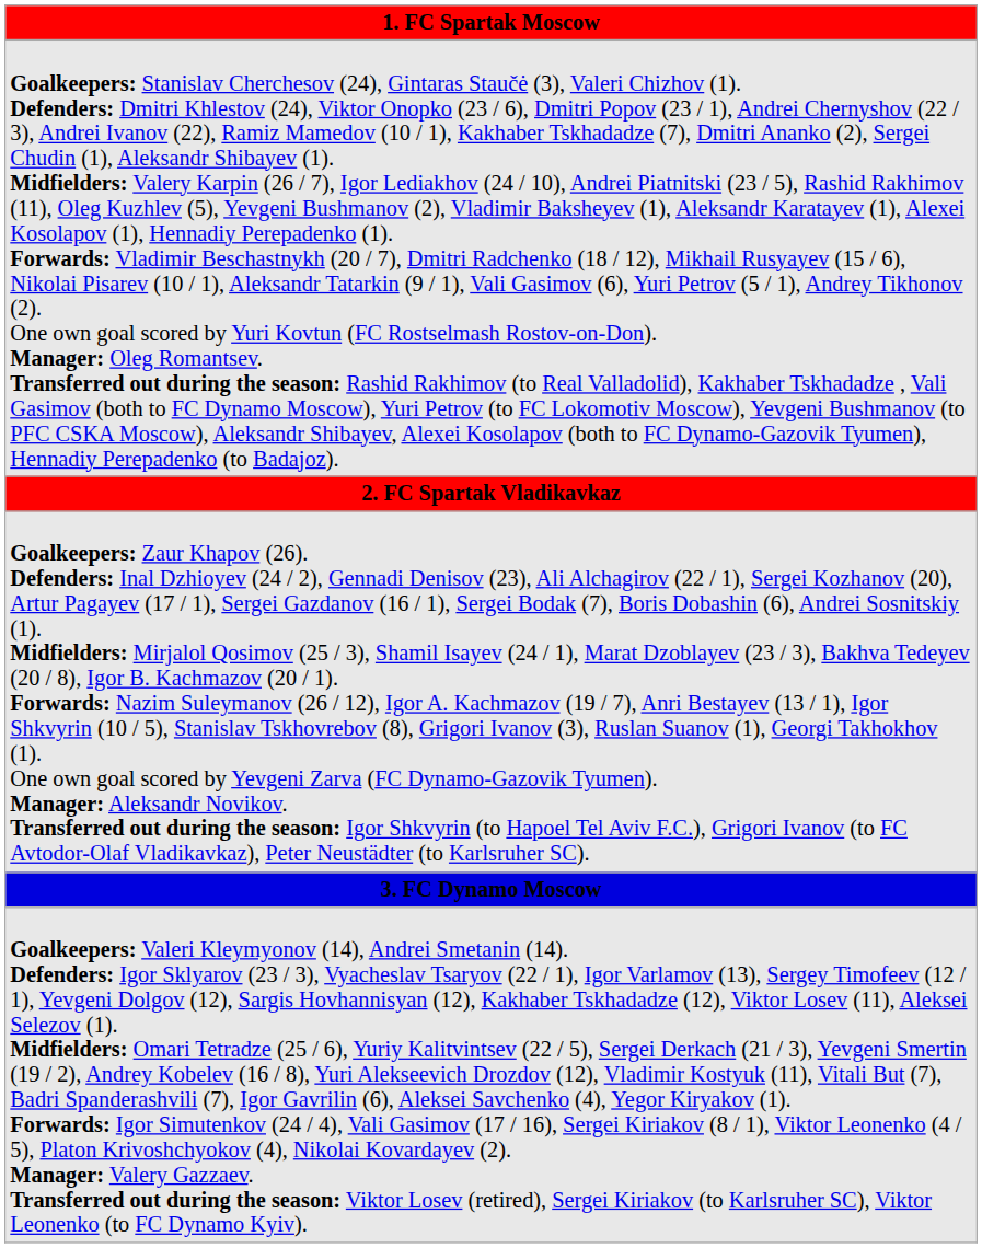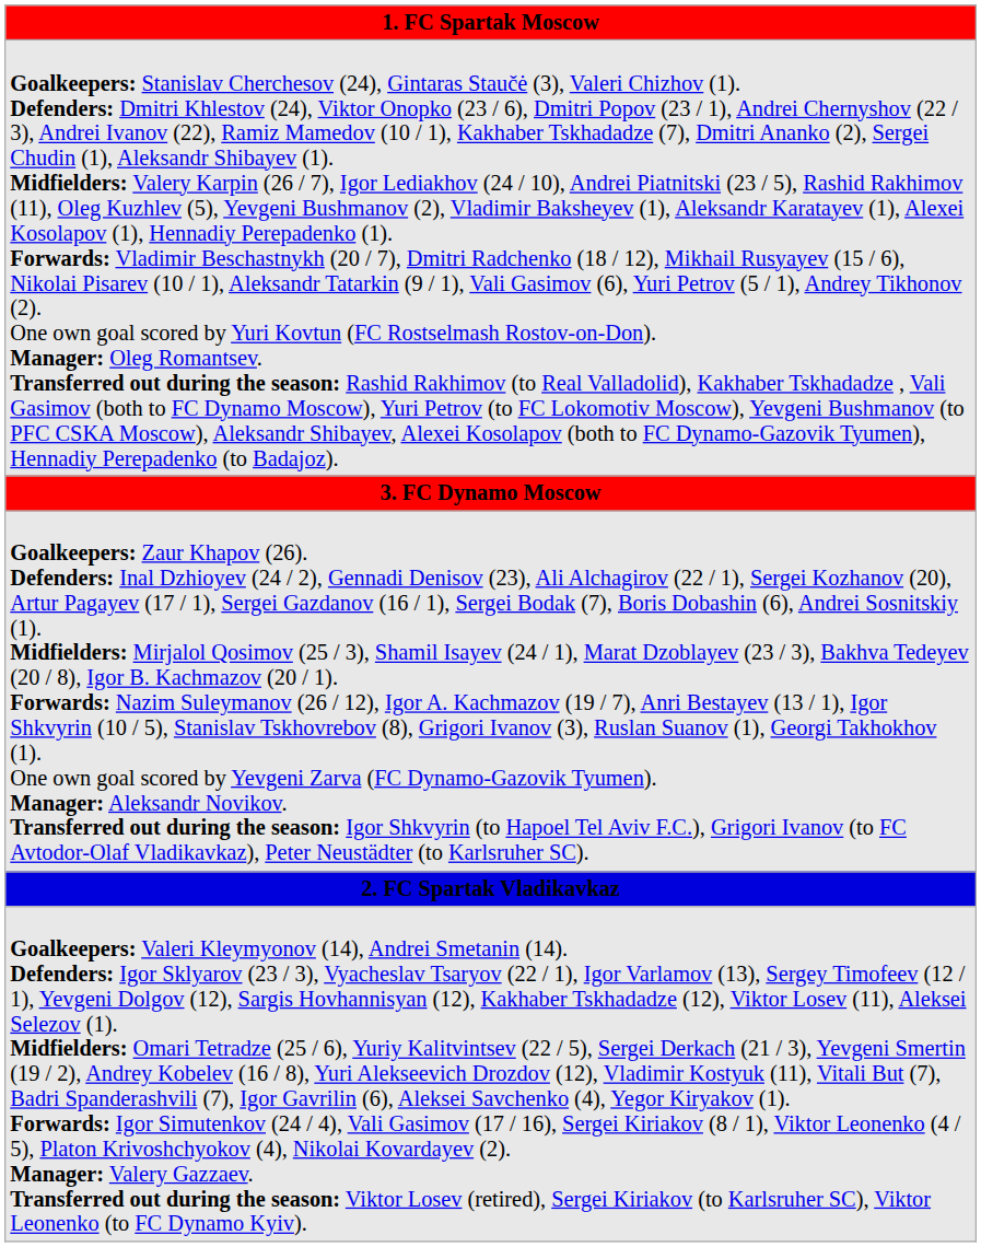 <table class="wikitable" Width="700">
 <tr bgcolor="#FF0000">
 <td align="center" width="700"><span> <strong>1. FC Spartak Moscow</strong> </span></td>
 </tr>
 <tr bgcolor="#E8E8E8">
 <td align="left" width="700"><br><strong>Goalkeepers:</strong> <a href='#'>Stanislav Cherchesov</a> (24), <a href='#'>Gintaras Staučė</a>  (3), <a href='#'>Valeri Chizhov</a> (1).<br> <strong>Defenders:</strong> <a href='#'>Dmitri Khlestov</a> (24), <a href='#'>Viktor Onopko</a> (23 / 6), <a href='#'>Dmitri Popov</a> (23 / 1), <a href='#'>Andrei Chernyshov</a> (22 / 3), <a href='#'>Andrei Ivanov</a> (22), <a href='#'>Ramiz Mamedov</a> (10 / 1), <a href='#'>Kakhaber Tskhadadze</a>  (7), <a href='#'>Dmitri Ananko</a> (2), <a href='#'>Sergei Chudin</a> (1), <a href='#'>Aleksandr Shibayev</a> (1).<br> <strong>Midfielders:</strong> <a href='#'>Valery Karpin</a> (26 / 7), <a href='#'>Igor Lediakhov</a> (24 / 10), <a href='#'>Andrei Piatnitski</a> (23 / 5), <a href='#'>Rashid Rakhimov</a>  (11), <a href='#'>Oleg Kuzhlev</a> (5), <a href='#'>Yevgeni Bushmanov</a> (2), <a href='#'>Vladimir Baksheyev</a> (1), <a href='#'>Aleksandr Karatayev</a> (1), <a href='#'>Alexei Kosolapov</a> (1), <a href='#'>Hennadiy Perepadenko</a>  (1).<br> <strong>Forwards:</strong> <a href='#'>Vladimir Beschastnykh</a> (20 / 7), <a href='#'>Dmitri Radchenko</a> (18 / 12), <a href='#'>Mikhail Rusyayev</a> (15 / 6), <a href='#'>Nikolai Pisarev</a> (10 / 1), <a href='#'>Aleksandr Tatarkin</a> (9 / 1), <a href='#'>Vali Gasimov</a>  (6), <a href='#'>Yuri Petrov</a> (5 / 1), <a href='#'>Andrey Tikhonov</a> (2).<br>One own goal scored by <a href='#'>Yuri Kovtun</a> (<a href='#'>FC Rostselmash Rostov-on-Don</a>).<br><strong>Manager:</strong> <a href='#'>Oleg Romantsev</a>.<br><strong>Transferred out during the season:</strong> <a href='#'>Rashid Rakhimov</a>  (to  <a href='#'>Real Valladolid</a>), <a href='#'>Kakhaber Tskhadadze</a> , <a href='#'>Vali Gasimov</a>  (both to <a href='#'>FC Dynamo Moscow</a>), <a href='#'>Yuri Petrov</a> (to <a href='#'>FC Lokomotiv Moscow</a>), <a href='#'>Yevgeni Bushmanov</a> (to <a href='#'>PFC CSKA Moscow</a>), <a href='#'>Aleksandr Shibayev</a>, <a href='#'>Alexei Kosolapov</a> (both to <a href='#'>FC Dynamo-Gazovik Tyumen</a>), <a href='#'>Hennadiy Perepadenko</a>  (to  <a href='#'>Badajoz</a>).</td>
 </tr>
 <tr bgcolor="#FF0000">
-<td align="center" width="700"><span> <strong>2. FC Spartak Vladikavkaz</strong> </span></td>
+<td align="center" width="700"><span> <strong>3. FC Dynamo Moscow</strong> </span></td>
 </tr>
 <tr bgcolor="#E8E8E8">
 <td align="left" width="700"><br><strong>Goalkeepers:</strong> <a href='#'>Zaur Khapov</a> (26).<br> <strong>Defenders:</strong> <a href='#'>Inal Dzhioyev</a> (24 / 2), <a href='#'>Gennadi Denisov</a>  (23), <a href='#'>Ali Alchagirov</a> (22 / 1), <a href='#'>Sergei Kozhanov</a> (20), <a href='#'>Artur Pagayev</a> (17 / 1), <a href='#'>Sergei Gazdanov</a> (16 / 1), <a href='#'>Sergei Bodak</a> (7), <a href='#'>Boris Dobashin</a> (6), <a href='#'>Andrei Sosnitskiy</a>  (1).<br> <strong>Midfielders:</strong> <a href='#'>Mirjalol Qosimov</a>  (25 / 3), <a href='#'>Shamil Isayev</a> (24 / 1), <a href='#'>Marat Dzoblayev</a> (23 / 3), <a href='#'>Bakhva Tedeyev</a> (20 / 8), <a href='#'>Igor B. Kachmazov</a> (20 / 1).<br> <strong>Forwards:</strong> <a href='#'>Nazim Suleymanov</a>  (26 / 12), <a href='#'>Igor A. Kachmazov</a> (19 / 7), <a href='#'>Anri Bestayev</a> (13 / 1), <a href='#'>Igor Shkvyrin</a>  (10 / 5), <a href='#'>Stanislav Tskhovrebov</a> (8), <a href='#'>Grigori Ivanov</a> (3), <a href='#'>Ruslan Suanov</a> (1), <a href='#'>Georgi Takhokhov</a>  (1).<br>One own goal scored by <a href='#'>Yevgeni Zarva</a> (<a href='#'>FC Dynamo-Gazovik Tyumen</a>).<br><strong>Manager:</strong> <a href='#'>Aleksandr Novikov</a>.<br><strong>Transferred out during the season:</strong> <a href='#'>Igor Shkvyrin</a>  (to  <a href='#'>Hapoel Tel Aviv F.C.</a>), <a href='#'>Grigori Ivanov</a> (to <a href='#'>FC Avtodor-Olaf Vladikavkaz</a>), <a href='#'>Peter Neustädter</a>  (to  <a href='#'>Karlsruher SC</a>).</td>
 </tr>
 <tr bgcolor="#0000DD">
-<td align="center" width="700"><span> <strong>3. FC Dynamo Moscow</strong> </span></td>
+<td align="center" width="700"><span> <strong>2. FC Spartak Vladikavkaz</strong> </span></td>
 </tr>
 <tr bgcolor="#E8E8E8">
 <td align="left" width="700"><br><strong>Goalkeepers:</strong> <a href='#'>Valeri Kleymyonov</a> (14), <a href='#'>Andrei Smetanin</a> (14).<br> <strong>Defenders:</strong> <a href='#'>Igor Sklyarov</a> (23 / 3), <a href='#'>Vyacheslav Tsaryov</a> (22 / 1), <a href='#'>Igor Varlamov</a> (13), <a href='#'>Sergey Timofeev</a>  (12 / 1), <a href='#'>Yevgeni Dolgov</a> (12), <a href='#'>Sargis Hovhannisyan</a>  (12), <a href='#'>Kakhaber Tskhadadze</a>  (12), <a href='#'>Viktor Losev</a> (11), <a href='#'>Aleksei Selezov</a> (1).<br> <strong>Midfielders:</strong> <a href='#'>Omari Tetradze</a> (25 / 6), <a href='#'>Yuriy Kalitvintsev</a> (22 / 5), <a href='#'>Sergei Derkach</a> (21 / 3), <a href='#'>Yevgeni Smertin</a> (19 / 2), <a href='#'>Andrey Kobelev</a> (16 / 8), <a href='#'>Yuri Alekseevich Drozdov</a> (12), <a href='#'>Vladimir Kostyuk</a>  (11), <a href='#'>Vitali But</a> (7), <a href='#'>Badri Spanderashvili</a> (7), <a href='#'>Igor Gavrilin</a> (6), <a href='#'>Aleksei Savchenko</a> (4), <a href='#'>Yegor Kiryakov</a> (1).<br> <strong>Forwards:</strong> <a href='#'>Igor Simutenkov</a> (24 / 4), <a href='#'>Vali Gasimov</a>  (17 / 16), <a href='#'>Sergei Kiriakov</a> (8 / 1), <a href='#'>Viktor Leonenko</a> (4 / 5), <a href='#'>Platon Krivoshchyokov</a> (4), <a href='#'>Nikolai Kovardayev</a> (2).<br><strong>Manager:</strong> <a href='#'>Valery Gazzaev</a>.<br><strong>Transferred out during the season:</strong> <a href='#'>Viktor Losev</a> (retired), <a href='#'>Sergei Kiriakov</a> (to  <a href='#'>Karlsruher SC</a>), <a href='#'>Viktor Leonenko</a> (to  <a href='#'>FC Dynamo Kyiv</a>).</td>
 </tr>
 </table>
